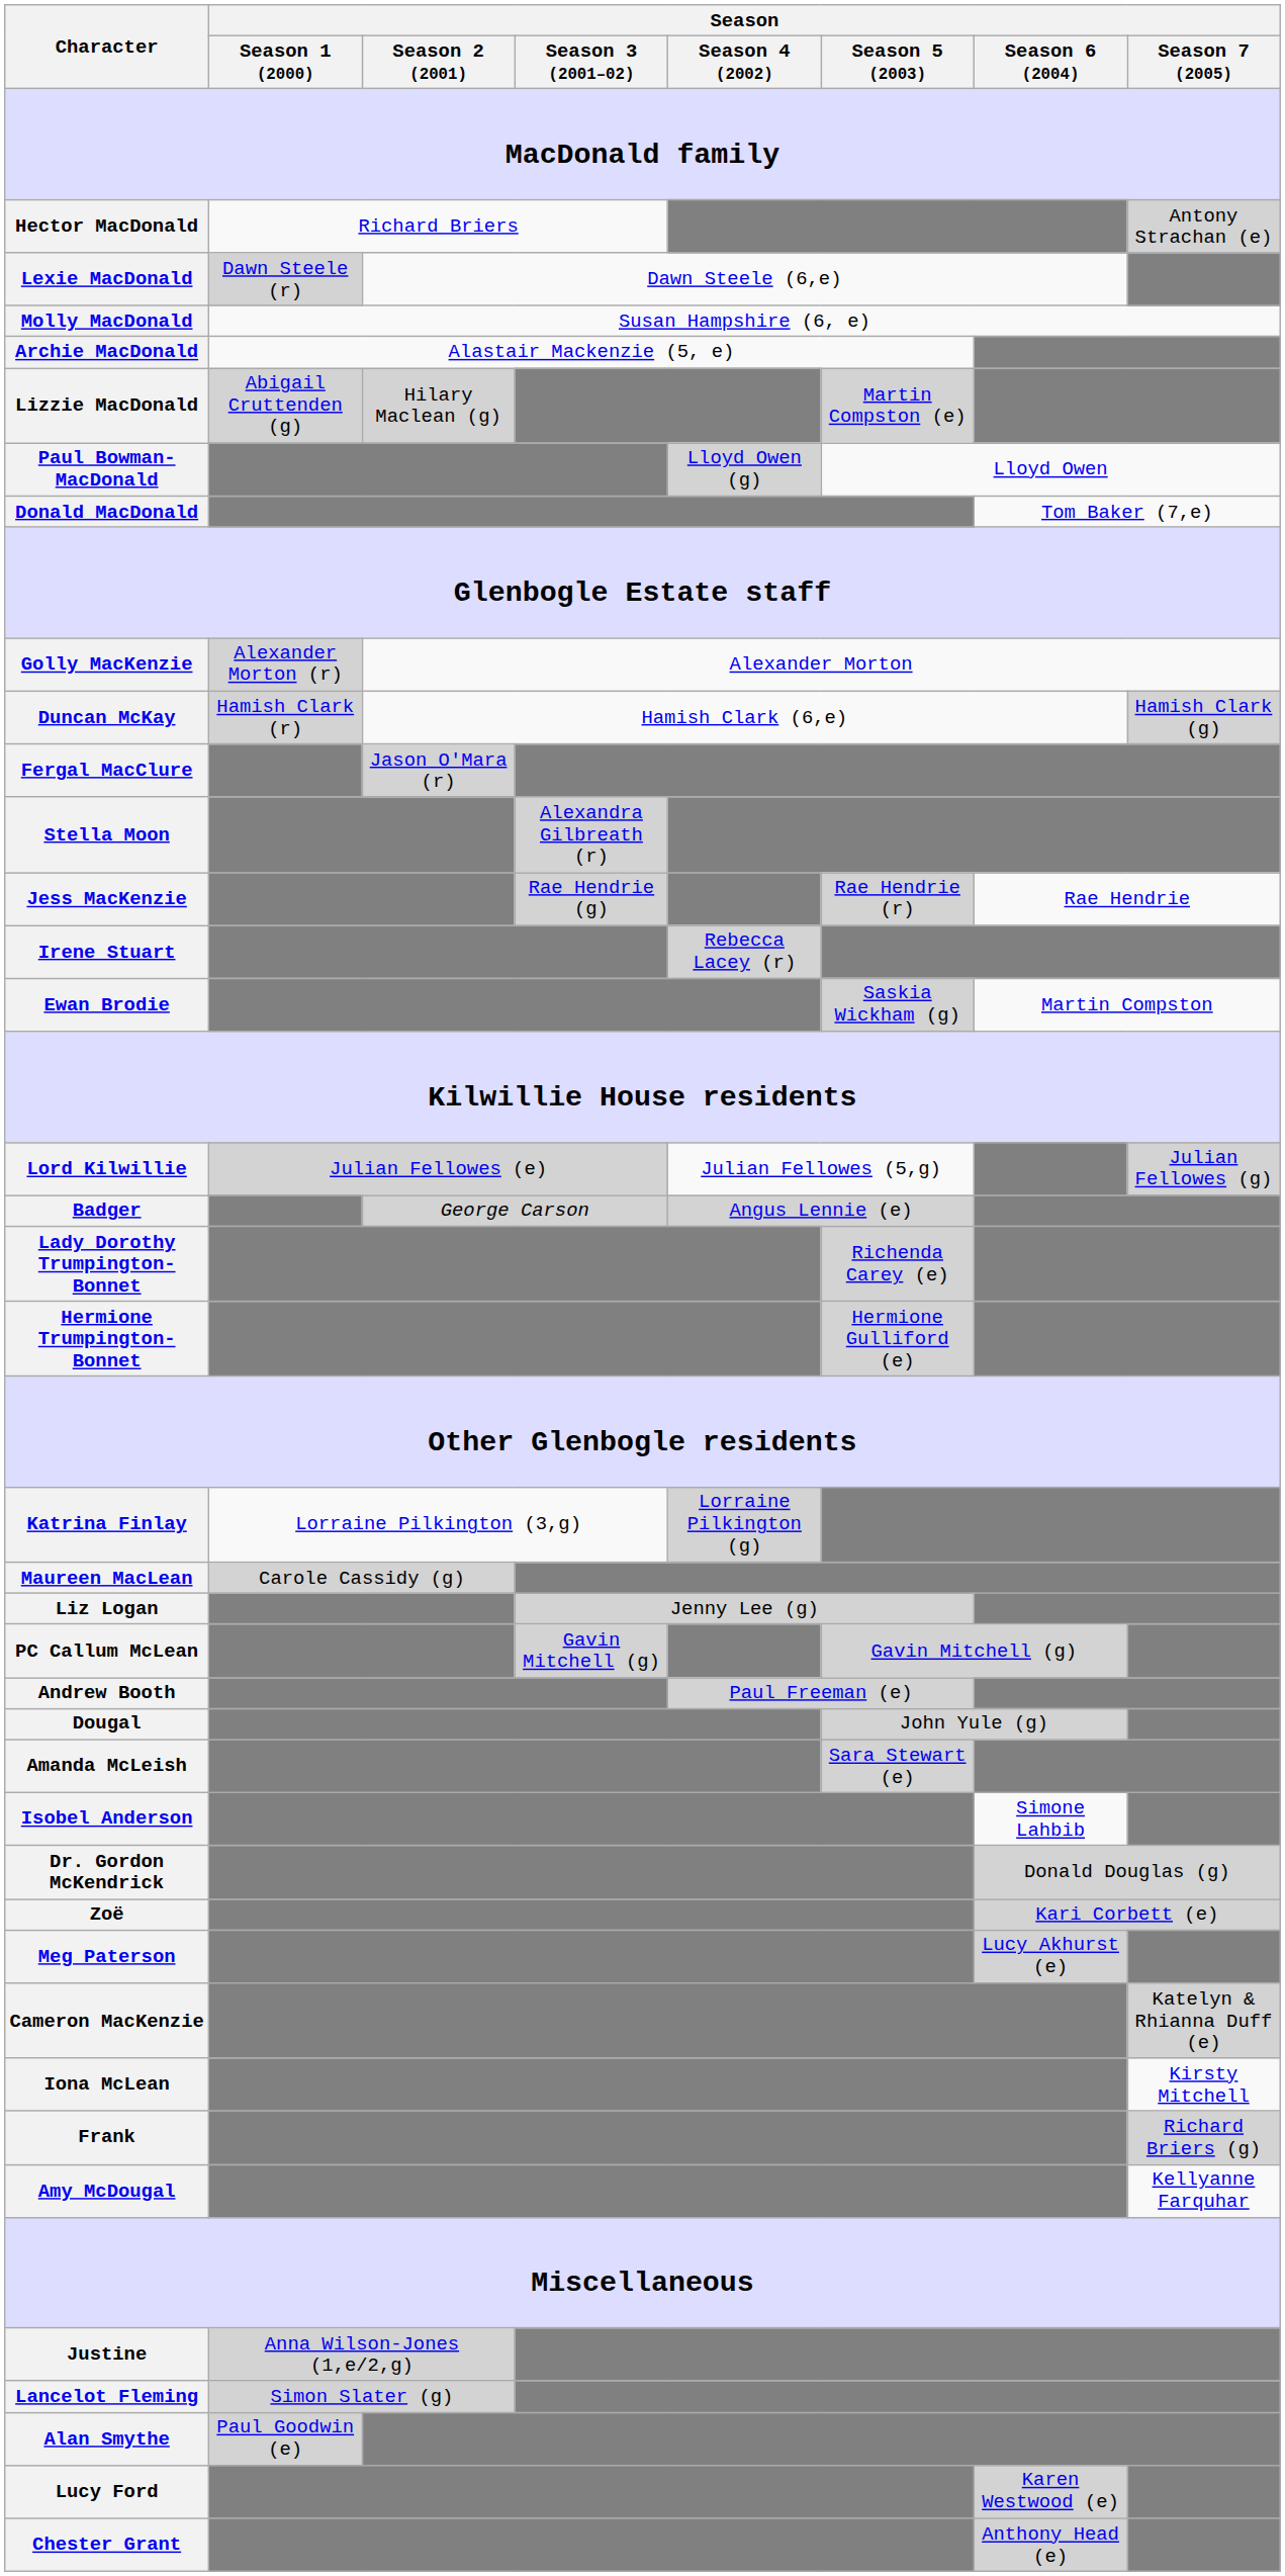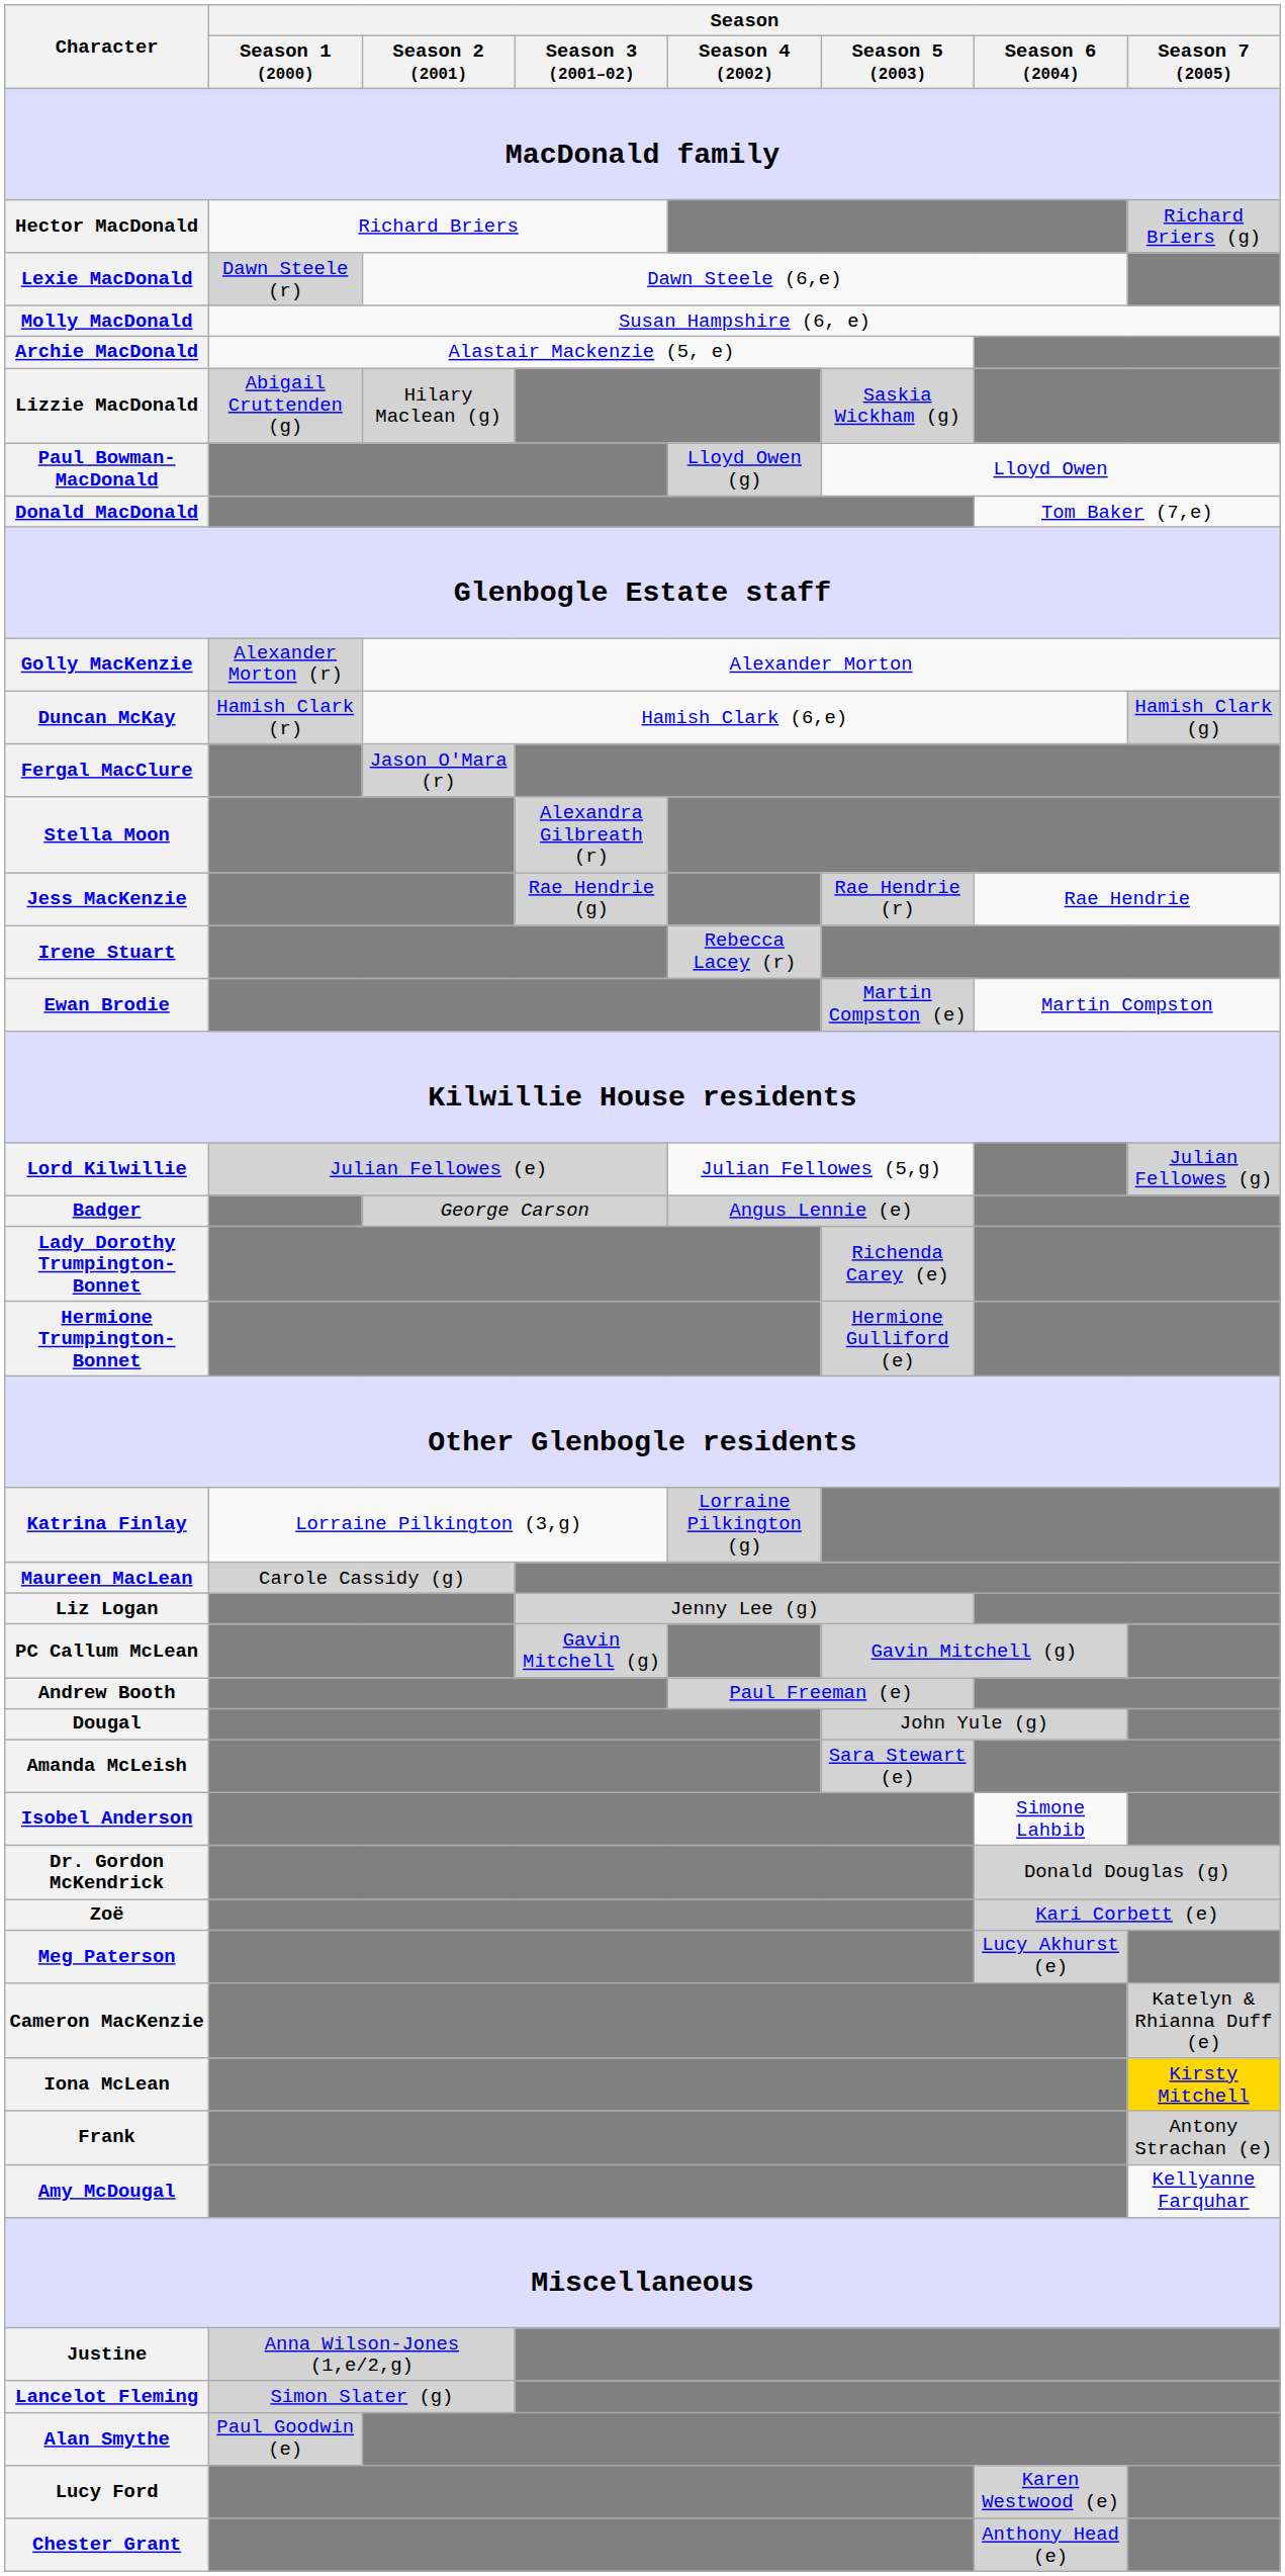 <table class="wikitable" style="text-align:center">
 <tr>
 <th rowspan="2" width="16%">Character</th>
 <th colspan="8" align="center">Season</th>
 </tr>
 <tr>
 <th align="center" width="12%">Season 1 <small>(2000)</small></th>
 <th align="center" width="12%">Season 2 <small>(2001)</small></th>
 <th align="center" width="12%">Season 3 <small>(2001–02)</small></th>
 <th align="center" width="12%">Season 4 <small>(2002)</small></th>
 <th align="center" width="12%">Season 5 <small>(2003)</small></th>
 <th align="center" width="12%">Season 6 <small>(2004)</small></th>
 <th align="center" width="12%">Season 7 <small>(2005)</small></th>
 </tr>
 <tr>
 <th colspan="8" style="background-color:#ddf;"><br><h2>MacDonald family</h2></th>
 </tr>
 <tr>
 <th>Hector MacDonald</th>
 <td colspan="3"><a href='#'>Richard Briers</a></td>
 <td colspan="3" style="background:gray;"></td>
-<td colspan="1" style="background:lightgray;">Antony Strachan (e)</td>
+<td colspan="1" style="background:lightgray;"><a href='#'>Richard Briers</a> (g)</td>
 </tr>
 <tr>
 <th><a href='#'>Lexie MacDonald</a></th>
 <td colspan="1" style="background:lightgray;"><a href='#'>Dawn Steele</a> (r)</td>
 <td colspan="5"><a href='#'>Dawn Steele</a> (6,e)</td>
 <td colspan="1" style="background:gray;"></td>
 </tr>
 <tr>
 <th><a href='#'>Molly MacDonald</a></th>
 <td colspan="7"><a href='#'>Susan Hampshire</a> (6, e)</td>
 </tr>
 <tr>
 <th><a href='#'>Archie MacDonald</a></th>
 <td colspan="5"><a href='#'>Alastair Mackenzie</a> (5, e)</td>
 <td colspan="2" style="background:gray;"></td>
 </tr>
 <tr>
 <th>Lizzie MacDonald</th>
 <td colspan="1" style="background:lightgray;"><a href='#'>Abigail Cruttenden</a> (g)</td>
 <td colspan="1" style="background:lightgray;">Hilary Maclean (g)</td>
 <td colspan="2" style="background:gray;"></td>
-<td colspan="1" style="background:lightgray;"><a href='#'>Martin Compston</a> (e)</td>
+<td colspan="1" style="background:lightgray;"><a href='#'>Saskia Wickham</a> (g)</td>
 <td colspan="2" style="background:gray;"></td>
 </tr>
 <tr>
 <th><a href='#'>Paul Bowman-MacDonald</a></th>
 <td colspan="3" style="background:gray;"></td>
 <td colspan="1" style="background:lightgray;"><a href='#'>Lloyd Owen</a> (g)</td>
 <td colspan="3"><a href='#'>Lloyd Owen</a></td>
 </tr>
 <tr>
 <th><a href='#'>Donald MacDonald</a></th>
 <td colspan="5" style="background:gray;"></td>
 <td colspan="2"><a href='#'>Tom Baker</a> (7,e)</td>
 </tr>
 <tr>
 <th colspan="8" style="background-color:#ddf;"><br><h2>Glenbogle Estate staff</h2></th>
 </tr>
 <tr>
 <th><a href='#'>Golly MacKenzie</a></th>
 <td colspan="1" style="background:lightgray"><a href='#'>Alexander Morton</a> (r)</td>
 <td colspan="6"><a href='#'>Alexander Morton</a></td>
 </tr>
 <tr>
 <th><a href='#'>Duncan McKay</a></th>
 <td colspan="1" style="background:lightgray"><a href='#'>Hamish Clark</a> (r)</td>
 <td colspan="5"><a href='#'>Hamish Clark</a> (6,e)</td>
 <td colspan="1" style="background:lightgray;"><a href='#'>Hamish Clark</a> (g)</td>
 </tr>
 <tr>
 <th><a href='#'>Fergal MacClure</a></th>
 <td colspan="1" style="background:gray;"></td>
 <td colspan="1" style="background:lightgray;"><a href='#'>Jason O'Mara</a> (r)</td>
 <td colspan="5" style="background:gray;"></td>
 </tr>
 <tr>
 <th><a href='#'>Stella Moon</a></th>
 <td colspan="2" style="background:gray;"></td>
 <td colspan="1" style="background:lightgray;"><a href='#'>Alexandra Gilbreath</a> (r)</td>
 <td colspan="4" style="background:gray;"></td>
 </tr>
 <tr>
 <th><a href='#'>Jess MacKenzie</a></th>
 <td colspan="2" style="background:gray;"></td>
 <td colspan="1" style="background:lightgray;"><a href='#'>Rae Hendrie</a> (g)</td>
 <td colspan="1" style="background:gray;"></td>
 <td colspan="1" style="background:lightgray;"><a href='#'>Rae Hendrie</a> (r)</td>
 <td colspan="2"><a href='#'>Rae Hendrie</a></td>
 </tr>
 <tr>
 <th><a href='#'>Irene Stuart</a></th>
 <td colspan="3" style="background:gray;"></td>
 <td colspan="1" style="background:lightgray;"><a href='#'>Rebecca Lacey</a> (r)</td>
 <td colspan="3" style="background:gray;"></td>
 </tr>
 <tr>
 <th><a href='#'>Ewan Brodie</a></th>
 <td colspan="4" style="background:gray;"></td>
-<td colspan="1" style="background:lightgray;"><a href='#'>Saskia Wickham</a> (g)</td>
+<td colspan="1" style="background:lightgray;"><a href='#'>Martin Compston</a> (e)</td>
 <td colspan="2"><a href='#'>Martin Compston</a></td>
 </tr>
 <tr>
 <th colspan="8" style="background-color:#ddf;"><br><h2>Kilwillie House residents</h2></th>
 </tr>
 <tr>
 <th><a href='#'>Lord Kilwillie</a></th>
 <td colspan="3" style="background:lightgray;"><a href='#'>Julian Fellowes</a> (e)</td>
 <td colspan="2"><a href='#'>Julian Fellowes</a> (5,g)</td>
 <td colspan="1" style="background:gray;"></td>
 <td colspan="1" style="background:lightgray;"><a href='#'>Julian Fellowes</a> (g)</td>
 </tr>
 <tr>
 <th><a href='#'>Badger</a></th>
 <td colspan="1" style="background:gray;"></td>
 <td colspan="2" style="background:lightgray;"><em>George Carson</em> </td>
 <td colspan="2" style="background:lightgray;"><a href='#'>Angus Lennie</a> (e) </td>
 <td colspan="2" style="background:gray;"></td>
 </tr>
 <tr>
 <th><a href='#'>Lady Dorothy Trumpington-Bonnet</a></th>
 <td colspan="4" style="background:gray;"></td>
 <td colspan="1" style="background:lightgray;"><a href='#'>Richenda Carey</a> (e)</td>
 <td colspan="2" style="background:gray;"></td>
 </tr>
 <tr>
 <th><a href='#'>Hermione Trumpington-Bonnet</a></th>
 <td colspan="4" style="background:gray;"></td>
 <td colspan="1" style="background:lightgray;"><a href='#'>Hermione Gulliford</a> (e)</td>
 <td colspan="2" style="background:gray;"></td>
 </tr>
 <tr>
 <th colspan="8" style="background-color:#ddf;"><br><h2>Other Glenbogle residents</h2></th>
 </tr>
 <tr>
 <th><a href='#'>Katrina Finlay</a></th>
 <td colspan="3"><a href='#'>Lorraine Pilkington</a> (3,g)</td>
 <td colspan="1" style="background:lightgray;"><a href='#'>Lorraine Pilkington</a> (g)</td>
 <td colspan="3" style="background:gray;"></td>
 </tr>
 <tr>
 <th><a href='#'>Maureen MacLean</a></th>
 <td colspan="2" style="background:lightgray;">Carole Cassidy (g)</td>
 <td colspan="5" style="background:gray;"></td>
 </tr>
 <tr>
 <th>Liz Logan</th>
 <td colspan="2" style="background:gray;"></td>
 <td colspan="3" style="background:lightgray;">Jenny Lee (g)</td>
 <td colspan="2" style="background:gray;"></td>
 </tr>
 <tr>
 <th>PC Callum McLean</th>
 <td colspan="2" style="background:gray;"></td>
 <td colspan="1" style="background:lightgray;"><a href='#'>Gavin Mitchell</a> (g)</td>
 <td colspan="1" style="background:gray;"></td>
 <td colspan="2" style="background:lightgray;"><a href='#'>Gavin Mitchell</a> (g)</td>
 <td colspan="1" style="background:gray;"></td>
 </tr>
 <tr>
 <th>Andrew Booth</th>
 <td colspan="3" style="background:gray;"></td>
 <td colspan="2" style="background:lightgray;"><a href='#'>Paul Freeman</a> (e)</td>
 <td colspan="2" style="background:gray;"></td>
 </tr>
 <tr>
 <th>Dougal</th>
 <td colspan="4" style="background:gray;"></td>
 <td colspan="2" style="background:lightgray;">John Yule (g) </td>
 <td colspan="1" style="background:gray;"></td>
 </tr>
 <tr>
 <th>Amanda McLeish</th>
 <td colspan="4" style="background:gray;"></td>
 <td colspan="1" style="background:lightgray;"><a href='#'>Sara Stewart</a> (e)</td>
 <td colspan="2" style="background:gray;"></td>
 </tr>
 <tr>
 <th><a href='#'>Isobel Anderson</a></th>
 <td colspan="5" style="background:gray;"></td>
 <td colspan="1"><a href='#'>Simone Lahbib</a></td>
 <td colspan="1" style="background:gray;"></td>
 </tr>
 <tr>
 <th>Dr. Gordon McKendrick</th>
 <td colspan="5" style="background:gray;"></td>
 <td colspan="2" style="background:lightgray;">Donald Douglas (g)</td>
 </tr>
 <tr>
 <th>Zoë</th>
 <td colspan="5" style="background:gray;"></td>
 <td colspan="2" style="background:lightgray;"><a href='#'>Kari Corbett</a> (e)</td>
 </tr>
 <tr>
 <th><a href='#'>Meg Paterson</a></th>
 <td colspan="5" style="background:gray;"></td>
 <td colspan="1" style="background:lightgray;"><a href='#'>Lucy Akhurst</a> (e)</td>
 <td colspan="1" style="background:gray;"></td>
 </tr>
 <tr>
 <th>Cameron MacKenzie</th>
 <td colspan="6" style="background:gray;"></td>
 <td colspan="1" style="background:lightgray;">Katelyn & Rhianna Duff (e) </td>
 </tr>
 <tr>
 <th>Iona McLean</th>
 <td colspan="6" style="background:gray;"></td>
-<td colspan="1"><a href='#'>Kirsty Mitchell</a></td>
+<td colspan="1" style="background: gold;"><a href='#'>Kirsty Mitchell</a></td>
 </tr>
 <tr>
 <th>Frank</th>
 <td colspan="6" style="background:gray;"></td>
-<td colspan="1" style="background:lightgray;"><a href='#'>Richard Briers</a> (g)</td>
+<td colspan="1" style="background:lightgray;">Antony Strachan (e)</td>
 </tr>
 <tr>
 <th><a href='#'>Amy McDougal</a></th>
 <td colspan="6" style="background:gray;"></td>
 <td colspan="1"><a href='#'>Kellyanne Farquhar</a></td>
 </tr>
 <tr>
 <th colspan="8" style="background-color:#ddf;"><br><h2>Miscellaneous</h2></th>
 </tr>
 <tr>
 <th>Justine</th>
 <td colspan="2" style="background:lightgray;"><a href='#'>Anna Wilson-Jones</a> (1,e/2,g)</td>
 <td colspan="5" style="background:gray;"></td>
 </tr>
 <tr>
 <th><a href='#'>Lancelot Fleming</a></th>
 <td colspan="2" style="background:lightgray;"><a href='#'>Simon Slater</a> (g)</td>
 <td colspan="5" style="background:gray;"></td>
 </tr>
 <tr>
 <th><a href='#'>Alan Smythe</a></th>
 <td colspan="1" style="background:lightgray;"><a href='#'>Paul Goodwin</a> (e)</td>
 <td colspan="6" style="background:gray;"></td>
 </tr>
 <tr>
 <th>Lucy Ford</th>
 <td colspan="5" style="background:gray;"></td>
 <td colspan="1" style="background:lightgray;"><a href='#'>Karen Westwood</a> (e)</td>
 <td colspan="1" style="background:gray;"></td>
 </tr>
 <tr>
 <th><a href='#'>Chester Grant</a></th>
 <td colspan="5" style="background:gray;"></td>
 <td colspan="1" style="background:lightgray;"><a href='#'>Anthony Head</a> (e)</td>
 <td colspan="1" style="background:gray;"></td>
 </tr>
 </table>
